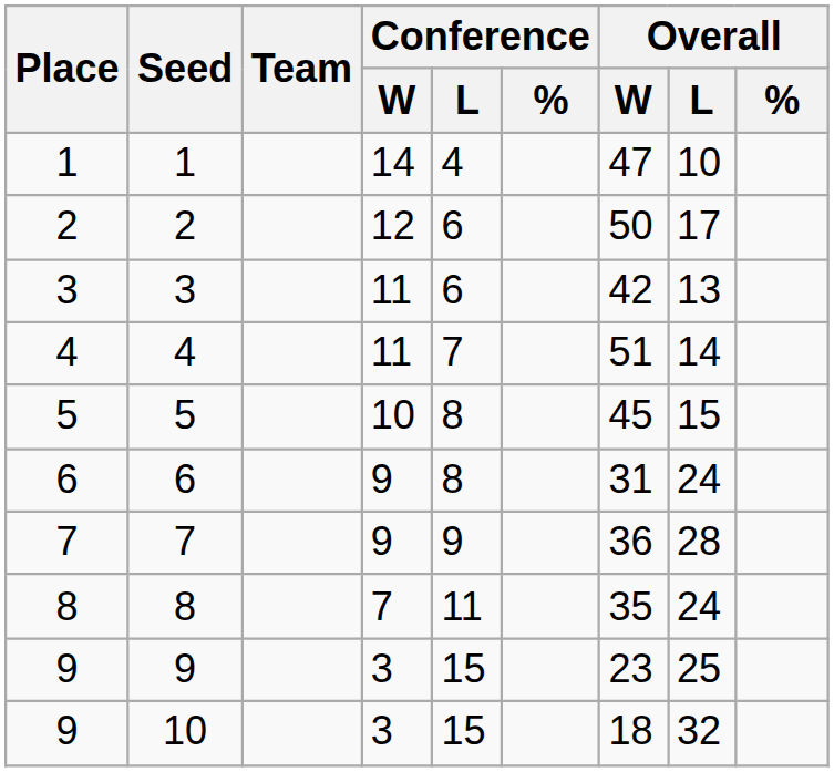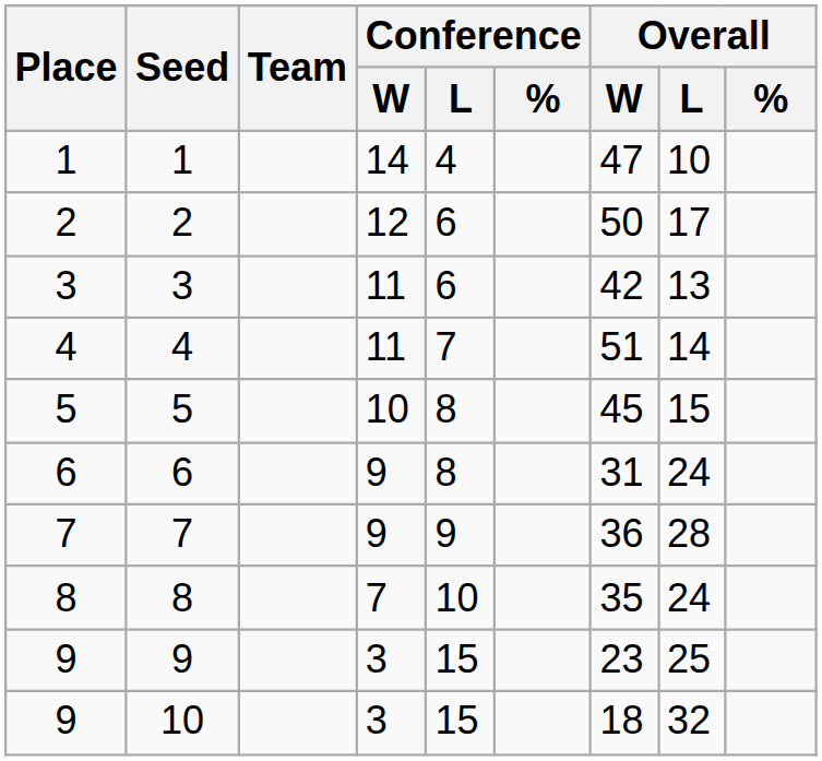 <table class="wikitable">
 <tr>
 <th rowspan ="2">Place</th>
 <th rowspan ="2">Seed</th>
 <th rowspan ="2">Team</th>
 <th colspan = "3">Conference</th>
 <th colspan = "3">Overall</th>
 </tr>
 <tr>
 <th scope="col" style="width: 20px;">W</th>
 <th scope="col" style="width: 20px;">L</th>
 <th scope="col" style="width: 30px;">%</th>
 <th scope="col" style="width: 20px;">W</th>
 <th scope="col" style="width: 20px;">L</th>
 <th scope="col" style="width: 30px;">%</th>
 </tr>
 <tr>
 <td style="text-align:center;">1</td>
 <td style="text-align:center;">1</td>
 <td></td>
 <td>14</td>
 <td>4</td>
 <td></td>
 <td>47</td>
 <td>10</td>
 <td></td>
 </tr>
 <tr>
 <td style="text-align:center;">2</td>
 <td style="text-align:center;">2</td>
 <td></td>
 <td>12</td>
 <td>6</td>
 <td></td>
 <td>50</td>
 <td>17</td>
 <td></td>
 </tr>
 <tr>
 <td style="text-align:center;">3</td>
 <td style="text-align:center;">3</td>
 <td></td>
 <td>11</td>
 <td>6</td>
 <td></td>
 <td>42</td>
 <td>13</td>
 <td></td>
 </tr>
 <tr>
 <td style="text-align:center;">4</td>
 <td style="text-align:center;">4</td>
 <td></td>
 <td>11</td>
 <td>7</td>
 <td></td>
 <td>51</td>
 <td>14</td>
 <td></td>
 </tr>
 <tr>
 <td style="text-align:center;">5</td>
 <td style="text-align:center;">5</td>
 <td></td>
 <td>10</td>
 <td>8</td>
 <td></td>
 <td>45</td>
 <td>15</td>
 <td></td>
 </tr>
 <tr>
 <td style="text-align:center;">6</td>
 <td style="text-align:center;">6</td>
 <td></td>
 <td>9</td>
 <td>8</td>
 <td></td>
 <td>31</td>
 <td>24</td>
 <td></td>
 </tr>
 <tr>
 <td style="text-align:center;">7</td>
 <td style="text-align:center;">7</td>
 <td></td>
 <td>9</td>
 <td>9</td>
 <td></td>
 <td>36</td>
 <td>28</td>
 <td></td>
 </tr>
 <tr>
 <td style="text-align:center;">8</td>
 <td style="text-align:center;">8</td>
 <td></td>
 <td>7</td>
-<td>11</td>
+<td>10</td>
 <td></td>
 <td>35</td>
 <td>24</td>
 <td></td>
 </tr>
 <tr>
 <td style="text-align:center;">9</td>
 <td style="text-align:center;">9</td>
 <td></td>
 <td>3</td>
 <td>15</td>
 <td></td>
 <td>23</td>
 <td>25</td>
 <td></td>
 </tr>
 <tr>
 <td style="text-align:center;">9</td>
 <td style="text-align:center;">10</td>
 <td></td>
 <td>3</td>
 <td>15</td>
 <td></td>
 <td>18</td>
 <td>32</td>
 <td></td>
 </tr>
 </table>
